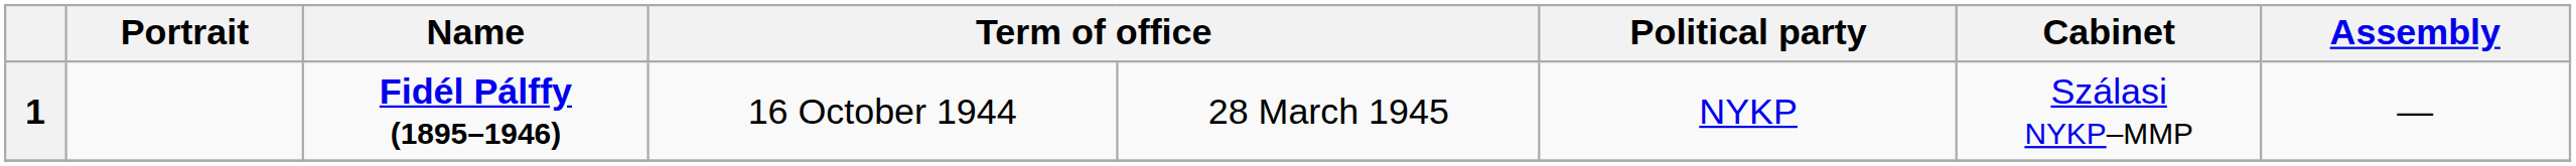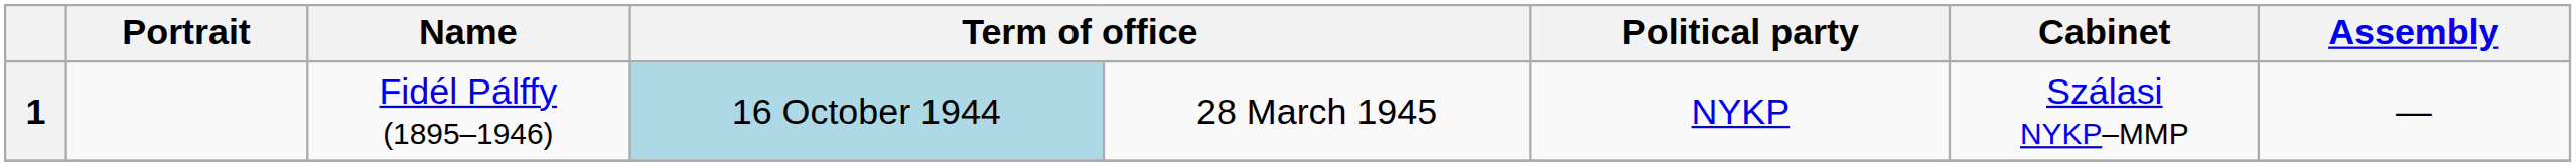 <table class="wikitable" style="width:90%; text-align:center;">
 <tr>
 <th></th>
 <th>Portrait</th>
 <th>Name<br></th>
 <th colspan=2>Term of office</th>
 <th>Political party</th>
 <th>Cabinet</th>
 <th><a href='#'>Assembly</a><br></th>
 </tr>
 <tr>
 <th style="background-color:">1</th>
 <td></td>
-<td><strong><a href='#'>Fidél Pálffy</a><br><small>(1895–1946)</small></strong></td>
-<td>16 October 1944</td>
+<td><a href='#'>Fidél Pálffy</a><br><small>(1895–1946)</small></td>
+<td style="background: lightblue;">16 October 1944</td>
 <td>28 March 1945</td>
 <td><a href='#'>NYKP</a></td>
 <td><a href='#'>Szálasi</a><br><small><a href='#'>NYKP</a>–MMP</small></td>
 <td>—</td>
 </tr>
 <tr>
 </tr>
 </table>
